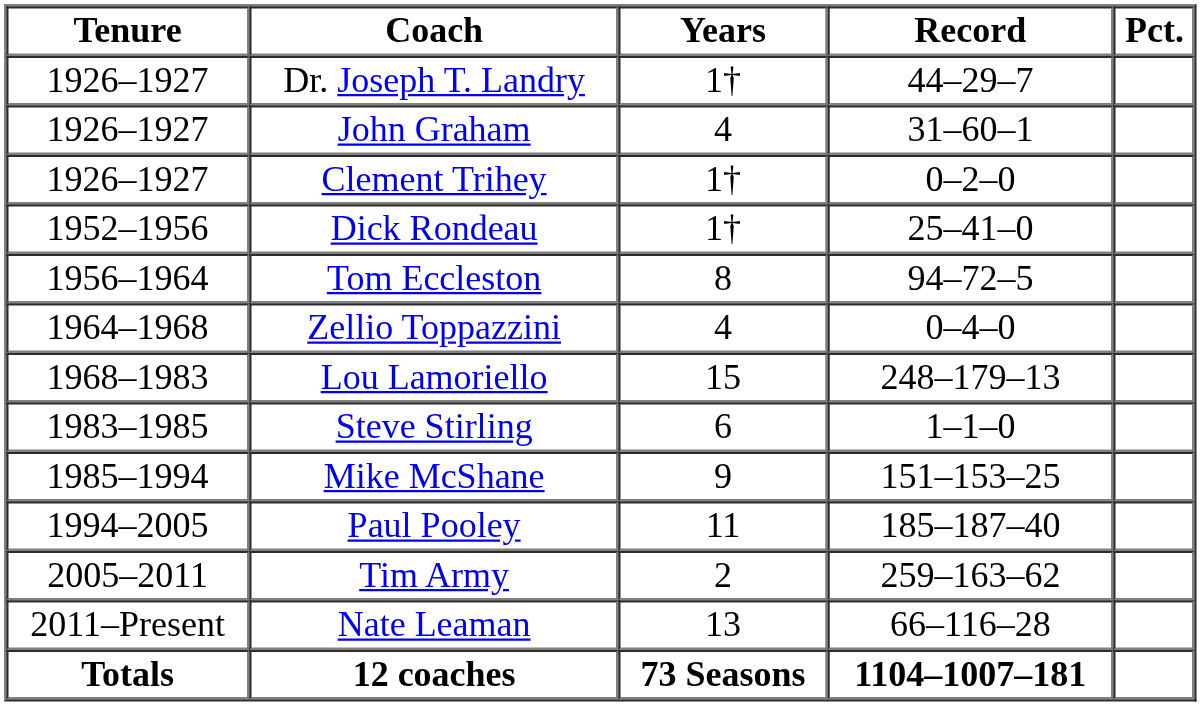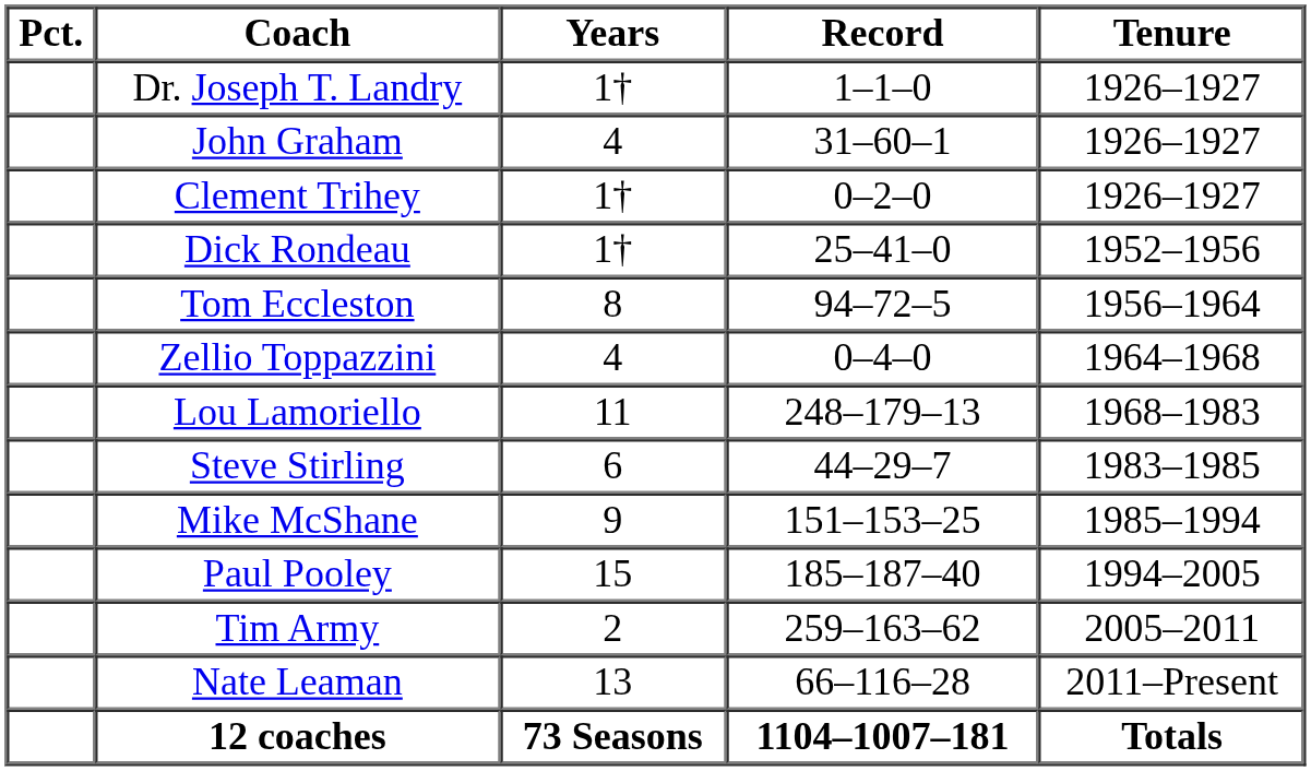 <table cellpadding="1" border="1" cellspacing="0" width="60%">
 <tr>
-<th>Tenure</th>
+<th>Pct.</th>
 <th>Coach</th>
 <th>Years</th>
 <th>Record</th>
-<th>Pct.</th>
+<th>Tenure</th>
 </tr>
 <tr align="center">
-<td>1926–1927</td>
+<td></td>
 <td>Dr. <a href='#'>Joseph T. Landry</a></td>
 <td>1†</td>
-<td>44–29–7</td>
-<td></td>
+<td>1–1–0</td>
+<td>1926–1927</td>
 </tr>
 <tr align="center">
-<td>1926–1927</td>
+<td></td>
 <td><a href='#'>John Graham</a></td>
 <td>4</td>
 <td>31–60–1</td>
-<td></td>
+<td>1926–1927</td>
 </tr>
 <tr align="center">
-<td>1926–1927</td>
+<td></td>
 <td><a href='#'>Clement Trihey</a></td>
 <td>1†</td>
 <td>0–2–0</td>
-<td></td>
+<td>1926–1927</td>
 </tr>
 <tr align="center">
-<td>1952–1956</td>
+<td></td>
 <td><a href='#'>Dick Rondeau</a></td>
 <td>1†</td>
 <td>25–41–0</td>
-<td></td>
+<td>1952–1956</td>
 </tr>
 <tr align="center">
-<td>1956–1964</td>
+<td></td>
 <td><a href='#'>Tom Eccleston</a></td>
 <td>8</td>
 <td>94–72–5</td>
-<td></td>
+<td>1956–1964</td>
 </tr>
 <tr align="center">
-<td>1964–1968</td>
+<td></td>
 <td><a href='#'>Zellio Toppazzini</a></td>
 <td>4</td>
 <td>0–4–0</td>
-<td></td>
+<td>1964–1968</td>
 </tr>
 <tr align="center">
+<td></td>
+<td><a href='#'>Lou Lamoriello</a></td>
+<td>11</td>
+<td>248–179–13</td>
 <td>1968–1983</td>
-<td><a href='#'>Lou Lamoriello</a></td>
-<td>15</td>
-<td>248–179–13</td>
-<td></td>
 </tr>
 <tr align="center">
-<td>1983–1985</td>
+<td></td>
 <td><a href='#'>Steve Stirling</a></td>
 <td>6</td>
-<td>1–1–0</td>
-<td></td>
+<td>44–29–7</td>
+<td>1983–1985</td>
 </tr>
 <tr align="center">
-<td>1985–1994</td>
+<td></td>
 <td><a href='#'>Mike McShane</a></td>
 <td>9</td>
 <td>151–153–25</td>
-<td></td>
+<td>1985–1994</td>
 </tr>
 <tr align="center">
+<td></td>
+<td><a href='#'>Paul Pooley</a></td>
+<td>15</td>
+<td>185–187–40</td>
 <td>1994–2005</td>
-<td><a href='#'>Paul Pooley</a></td>
-<td>11</td>
-<td>185–187–40</td>
-<td></td>
 </tr>
 <tr align="center">
-<td>2005–2011</td>
+<td></td>
 <td><a href='#'>Tim Army</a></td>
 <td>2</td>
 <td>259–163–62</td>
-<td></td>
+<td>2005–2011</td>
 </tr>
 <tr align="center">
-<td>2011–Present</td>
+<td></td>
 <td><a href='#'>Nate Leaman</a></td>
 <td>13</td>
 <td>66–116–28</td>
-<td></td>
+<td>2011–Present</td>
 </tr>
 <tr style="text-align:center">
-<th>Totals</th>
+<th></th>
 <th>12 coaches</th>
 <th>73 Seasons</th>
 <th>1104–1007–181</th>
-<th></th>
+<th>Totals</th>
 </tr>
 </table>
